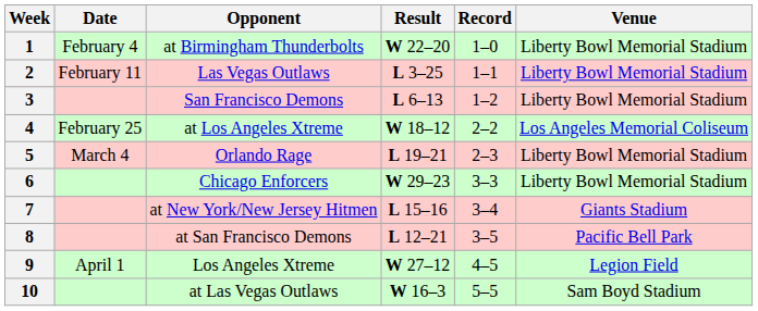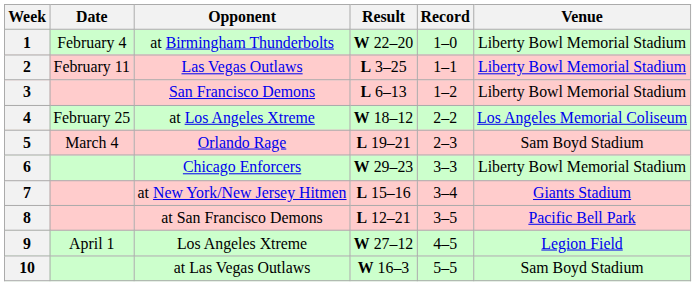 <table class="wikitable" style="text-align:center">
 <tr>
 <th>Week</th>
 <th>Date</th>
 <th>Opponent</th>
 <th>Result</th>
 <th>Record</th>
 <th>Venue</th>
 </tr>
 <tr style="background:#cfc">
 <th>1</th>
 <td>February 4</td>
 <td>at <a href='#'>Birmingham Thunderbolts</a></td>
 <td><strong>W</strong> 22–20</td>
 <td>1–0</td>
 <td>Liberty Bowl Memorial Stadium</td>
 </tr>
 <tr style="background:#fcc">
 <th>2</th>
 <td>February 11</td>
 <td><a href='#'>Las Vegas Outlaws</a></td>
 <td><strong>L</strong> 3–25</td>
 <td>1–1</td>
 <td><a href='#'>Liberty Bowl Memorial Stadium</a></td>
 </tr>
 <tr style="background:#fcc">
 <th>3</th>
 <td></td>
 <td><a href='#'>San Francisco Demons</a></td>
 <td><strong>L</strong> 6–13</td>
 <td>1–2</td>
 <td>Liberty Bowl Memorial Stadium</td>
 </tr>
 <tr style="background:#cfc">
 <th>4</th>
 <td>February 25</td>
 <td>at <a href='#'>Los Angeles Xtreme</a></td>
 <td><strong>W</strong> 18–12</td>
 <td>2–2</td>
 <td><a href='#'>Los Angeles Memorial Coliseum</a></td>
 </tr>
 <tr style="background:#fcc">
 <th>5</th>
 <td>March 4</td>
 <td><a href='#'>Orlando Rage</a></td>
 <td><strong>L</strong> 19–21</td>
 <td>2–3</td>
-<td>Liberty Bowl Memorial Stadium</td>
+<td>Sam Boyd Stadium</td>
 </tr>
 <tr style="background:#cfc">
 <th>6</th>
 <td></td>
 <td><a href='#'>Chicago Enforcers</a></td>
 <td><strong>W</strong> 29–23</td>
 <td>3–3</td>
 <td>Liberty Bowl Memorial Stadium</td>
 </tr>
 <tr style="background:#fcc">
 <th>7</th>
 <td></td>
 <td>at <a href='#'>New York/New Jersey Hitmen</a></td>
 <td><strong>L</strong> 15–16</td>
 <td>3–4</td>
 <td><a href='#'>Giants Stadium</a></td>
 </tr>
 <tr style="background:#fcc">
 <th>8</th>
 <td></td>
 <td>at San Francisco Demons</td>
 <td><strong>L</strong> 12–21</td>
 <td>3–5</td>
 <td><a href='#'>Pacific Bell Park</a></td>
 </tr>
 <tr style="background:#cfc">
 <th>9</th>
 <td>April 1</td>
 <td>Los Angeles Xtreme</td>
 <td><strong>W</strong> 27–12</td>
 <td>4–5</td>
 <td><a href='#'>Legion Field</a></td>
 </tr>
 <tr style="background:#cfc">
 <th>10</th>
 <td></td>
 <td>at Las Vegas Outlaws</td>
 <td><strong>W</strong> 16–3</td>
 <td>5–5</td>
 <td>Sam Boyd Stadium</td>
 </tr>
 </table>
